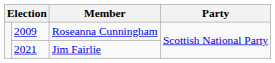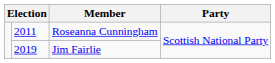 <table class="wikitable">
 <tr>
 <th colspan="2">Election</th>
 <th>Member</th>
 <th>Party</th>
 </tr>
 <tr>
 <td rowspan=2 style="background-color: "></td>
-<td><a href='#'>2009</a></td>
+<td><a href='#'>2011</a></td>
 <td><a href='#'>Roseanna Cunningham</a></td>
 <td rowspan=2><a href='#'>Scottish National Party</a></td>
 </tr>
 <tr>
-<td><a href='#'>2021</a></td>
+<td><a href='#'>2019</a></td>
 <td><a href='#'>Jim Fairlie</a></td>
 </tr>
 </table>
